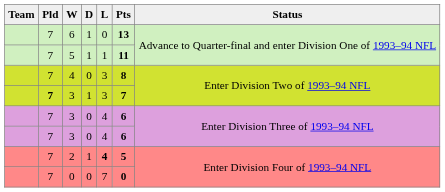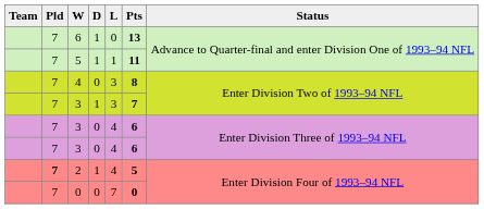 <table style=border-collapse:collapse border=1 cellspacing=0 cellpadding=5>
 <tr align=center bgcolor=#efefef>
 <th>Team</th>
 <th>Pld</th>
 <th>W</th>
 <th>D</th>
 <th>L</th>
 <th>Pts</th>
 <th>Status</th>
 </tr>
 <tr align=center style="background:#D0F0C0;">
 <td style="text-align:left;"> </td>
 <td>7</td>
 <td>6</td>
 <td>1</td>
 <td>0</td>
 <td><strong>13</strong></td>
 <td rowspan=2>Advance to Quarter-final and enter Division One of <a href='#'>1993–94 NFL</a></td>
 </tr>
 <tr align=center style="background:#D0F0C0;">
 <td style="text-align:left;"> </td>
 <td>7</td>
 <td>5</td>
 <td>1</td>
 <td>1</td>
 <td><strong>11</strong></td>
 </tr>
 <tr align=center style="background:#D1E231">
 <td style="text-align:left;"> </td>
 <td>7</td>
 <td>4</td>
 <td>0</td>
 <td>3</td>
 <td><strong>8</strong></td>
 <td rowspan=2>Enter Division Two of <a href='#'>1993–94 NFL</a></td>
 </tr>
 <tr align=center style="background:#D1E231">
 <td style="text-align:left;"> </td>
-<td><strong>7</strong></td>
+<td>7</td>
 <td>3</td>
 <td>1</td>
 <td>3</td>
 <td><strong>7</strong></td>
 </tr>
 <tr align=center style="background:#dda0dd;">
 <td style="text-align:left;"> </td>
 <td>7</td>
 <td>3</td>
 <td>0</td>
 <td>4</td>
 <td><strong>6</strong></td>
 <td rowspan=2>Enter Division Three of <a href='#'>1993–94 NFL</a></td>
 </tr>
 <tr align=center style="background:#dda0dd;">
 <td style="text-align:left;"> </td>
 <td>7</td>
 <td>3</td>
 <td>0</td>
 <td>4</td>
 <td><strong>6</strong></td>
 </tr>
 <tr align=center style="background:#FF8888;">
 <td style="text-align:left;"> </td>
-<td>7</td>
+<td><strong>7</strong></td>
 <td>2</td>
 <td>1</td>
-<td><strong>4</strong></td>
+<td>4</td>
 <td><strong>5</strong></td>
 <td rowspan=2>Enter Division Four of <a href='#'>1993–94 NFL</a></td>
 </tr>
 <tr align=center style="background:#FF8888;">
 <td style="text-align:left;"> </td>
 <td>7</td>
 <td>0</td>
 <td>0</td>
 <td>7</td>
 <td><strong>0</strong></td>
 </tr>
 </table>
